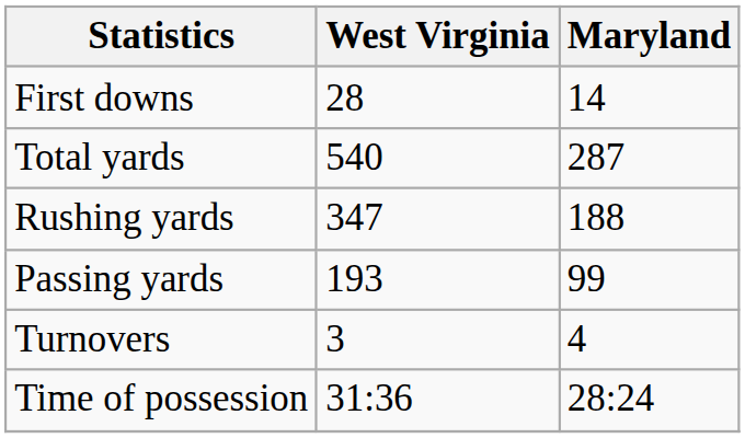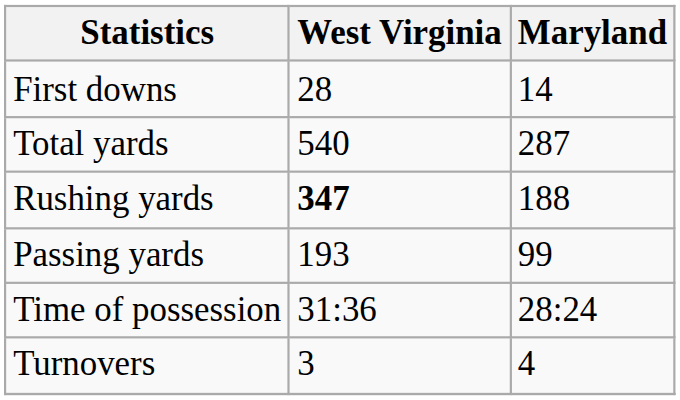 <table class="wikitable" style="float: left;">
 <tr>
 <th>Statistics</th>
 <th>West Virginia</th>
 <th>Maryland</th>
 </tr>
 <tr>
 <td>First downs</td>
 <td>28</td>
 <td>14</td>
 </tr>
 <tr>
 <td>Total yards</td>
 <td>540</td>
 <td>287</td>
 </tr>
 <tr>
 <td>Rushing yards</td>
-<td>347</td>
+<td><strong>347</strong></td>
 <td>188</td>
 </tr>
 <tr>
 <td>Passing yards</td>
 <td>193</td>
 <td>99</td>
 </tr>
 <tr>
+<td>Time of possession</td>
+<td>31:36</td>
+<td>28:24</td>
+</tr>
+<tr>
 <td>Turnovers</td>
 <td>3</td>
 <td>4</td>
 </tr>
 <tr>
-<td>Time of possession</td>
-<td>31:36</td>
-<td>28:24</td>
-</tr>
-<tr>
 </tr>
 </table>
